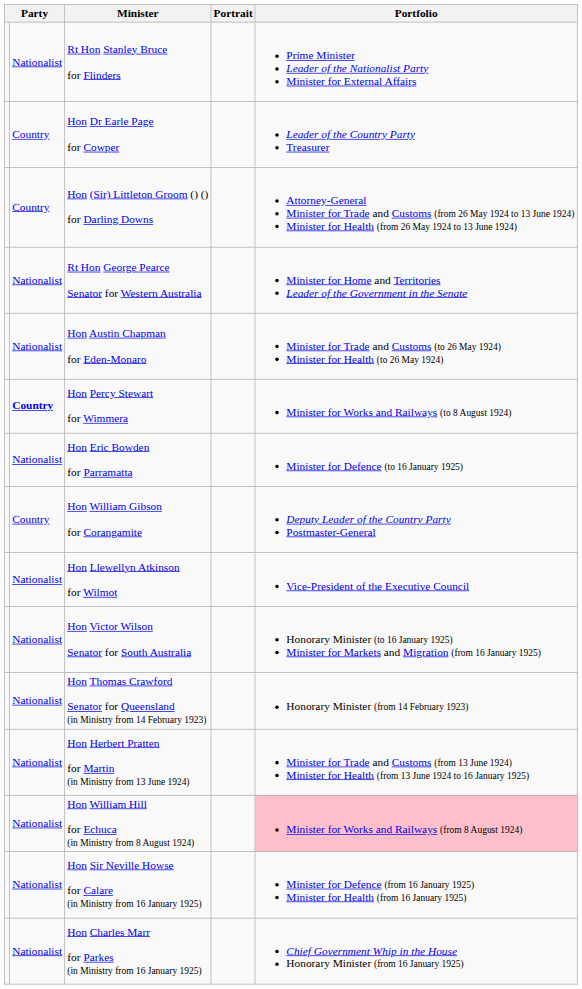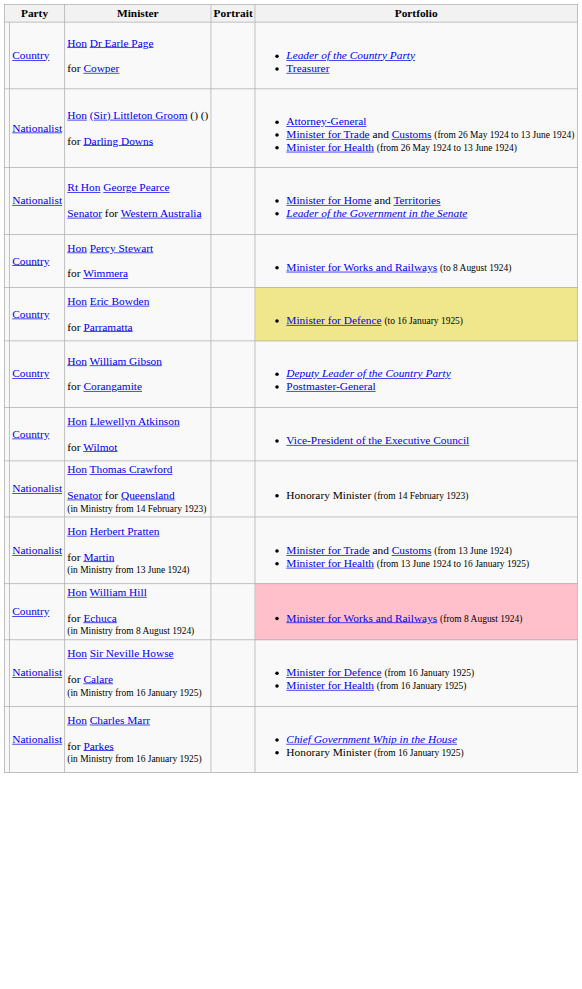 <table class="wikitable sortable">
 <tr>
 <th colspan="2">Party</th>
 <th>Minister</th>
 <th>Portrait</th>
 <th>Portfolio</th>
-</tr>
-<tr>
-<td></td>
-<td><a href='#'>Nationalist</a></td>
-<td><a href='#'>Rt Hon</a> <a href='#'>Stanley Bruce</a>  <br><br> for <a href='#'>Flinders</a> <br></td>
-<td></td>
-<td><br><ul><li><a href='#'>Prime Minister</a></li><li><em><a href='#'>Leader of the Nationalist Party</a></em></li><li><a href='#'>Minister for External Affairs</a></li></ul></td>
 </tr>
 <tr>
 <td></td>
 <td><a href='#'>Country</a></td>
 <td><a href='#'>Hon</a> <a href='#'>Dr Earle Page</a> <br><br> for <a href='#'>Cowper</a> <br></td>
 <td></td>
 <td><br><ul><li><em><a href='#'>Leader of the Country Party</a></em></li><li><a href='#'>Treasurer</a></li></ul></td>
 </tr>
 <tr>
 <td></td>
-<td><a href='#'>Country</a></td>
+<td><a href='#'>Nationalist</a></td>
 <td><a href='#'>Hon</a> <a href='#'>(Sir) Littleton Groom</a> () () <br><br> for <a href='#'>Darling Downs</a> <br></td>
 <td></td>
 <td><br><ul><li><a href='#'>Attorney-General</a></li><li><a href='#'>Minister for Trade</a> and <a href='#'>Customs</a> <small>(from 26 May 1924 to 13 June 1924)</small></li><li><a href='#'>Minister for Health</a> <small>(from 26 May 1924 to 13 June 1924)</small></li></ul></td>
 </tr>
 <tr>
 <td></td>
 <td><a href='#'>Nationalist</a></td>
 <td><a href='#'>Rt Hon</a> <a href='#'>George Pearce</a> <br><br><a href='#'>Senator</a> for <a href='#'>Western Australia</a> <br></td>
 <td></td>
 <td><br><ul><li><a href='#'>Minister for Home</a> and <a href='#'>Territories</a></li><li><em><a href='#'>Leader of the Government in the Senate</a></em></li></ul></td>
 </tr>
 <tr>
 <td></td>
-<td><a href='#'>Nationalist</a></td>
-<td><a href='#'>Hon</a> <a href='#'>Austin Chapman</a> <br><br> for <a href='#'>Eden-Monaro</a> <br></td>
-<td></td>
-<td><br><ul><li><a href='#'>Minister for Trade</a> and <a href='#'>Customs</a> <small>(to 26 May 1924)</small></li><li><a href='#'>Minister for Health</a> <small>(to 26 May 1924)</small></li></ul></td>
-</tr>
-<tr>
-<td></td>
-<td><strong><a href='#'>Country</a></strong></td>
+<td><a href='#'>Country</a></td>
 <td><a href='#'>Hon</a> <a href='#'>Percy Stewart</a> <br><br> for <a href='#'>Wimmera</a> <br></td>
 <td></td>
 <td><br><ul><li><a href='#'>Minister for Works and Railways</a> <small>(to 8 August 1924)</small></li></ul></td>
 </tr>
 <tr>
 <td></td>
-<td><a href='#'>Nationalist</a></td>
+<td><a href='#'>Country</a></td>
 <td><a href='#'>Hon</a> <a href='#'>Eric Bowden</a> <br><br> for <a href='#'>Parramatta</a> <br></td>
 <td></td>
-<td><br><ul><li><a href='#'>Minister for Defence</a> <small>(to 16 January 1925)</small></li></ul></td>
+<td style="background: khaki;"><br><ul><li><a href='#'>Minister for Defence</a> <small>(to 16 January 1925)</small></li></ul></td>
 </tr>
 <tr>
 <td></td>
 <td><a href='#'>Country</a></td>
 <td><a href='#'>Hon</a> <a href='#'>William Gibson</a> <br><br> for <a href='#'>Corangamite</a> <br></td>
 <td></td>
 <td><br><ul><li><em><a href='#'>Deputy Leader of the Country Party</a></em></li><li><a href='#'>Postmaster-General</a></li></ul></td>
 </tr>
 <tr>
 <td></td>
-<td><a href='#'>Nationalist</a></td>
+<td><a href='#'>Country</a></td>
 <td><a href='#'>Hon</a> <a href='#'>Llewellyn Atkinson</a> <br><br> for <a href='#'>Wilmot</a> <br></td>
 <td></td>
 <td><br><ul><li><a href='#'>Vice-President of the Executive Council</a></li></ul></td>
-</tr>
-<tr>
-<td></td>
-<td><a href='#'>Nationalist</a></td>
-<td><a href='#'>Hon</a> <a href='#'>Victor Wilson</a> <br><br><a href='#'>Senator</a> for <a href='#'>South Australia</a> <br></td>
-<td></td>
-<td><br><ul><li>Honorary Minister <small>(to 16 January 1925)</small></li><li><a href='#'>Minister for Markets</a> and <a href='#'>Migration</a> <small>(from 16 January 1925)</small></li></ul></td>
 </tr>
 <tr>
 <td></td>
 <td><a href='#'>Nationalist</a></td>
 <td><a href='#'>Hon</a> <a href='#'>Thomas Crawford</a> <br><br><a href='#'>Senator</a> for <a href='#'>Queensland</a> <br> <small>(in Ministry from 14 February 1923)</small></td>
 <td></td>
 <td><br><ul><li>Honorary Minister <small>(from 14 February 1923)</small></li></ul></td>
 </tr>
 <tr>
 <td></td>
 <td><a href='#'>Nationalist</a></td>
 <td><a href='#'>Hon</a> <a href='#'>Herbert Pratten</a> <br><br> for <a href='#'>Martin</a> <br> <small>(in Ministry from 13 June 1924)</small></td>
 <td></td>
 <td><br><ul><li><a href='#'>Minister for Trade</a> and <a href='#'>Customs</a> <small>(from 13 June 1924)</small></li><li><a href='#'>Minister for Health</a> <small>(from 13 June 1924 to 16 January 1925)</small></li></ul></td>
 </tr>
 <tr>
 <td></td>
-<td><a href='#'>Nationalist</a></td>
+<td><a href='#'>Country</a></td>
 <td><a href='#'>Hon</a> <a href='#'>William Hill</a> <br><br> for <a href='#'>Echuca</a> <br> <small>(in Ministry from 8 August 1924)</small></td>
 <td></td>
 <td style="background: pink;"><br><ul><li><a href='#'>Minister for Works and Railways</a> <small>(from 8 August 1924)</small></li></ul></td>
 </tr>
 <tr>
 <td></td>
 <td><a href='#'>Nationalist</a></td>
 <td><a href='#'>Hon</a> <a href='#'>Sir Neville Howse</a>    <br><br> for <a href='#'>Calare</a> <br> <small>(in Ministry from 16 January 1925)</small></td>
 <td></td>
 <td><br><ul><li><a href='#'>Minister for Defence</a> <small>(from 16 January 1925)</small></li><li><a href='#'>Minister for Health</a> <small>(from 16 January 1925)</small></li></ul></td>
 </tr>
 <tr>
 <td></td>
 <td><a href='#'>Nationalist</a></td>
 <td><a href='#'>Hon</a> <a href='#'>Charles Marr</a>   <br><br> for <a href='#'>Parkes</a> <br> <small>(in Ministry from 16 January 1925)</small></td>
 <td></td>
 <td><br><ul><li><em><a href='#'>Chief Government Whip in the House</a></em></li><li>Honorary Minister <small>(from 16 January 1925)</small></li></ul></td>
 </tr>
 </table>
